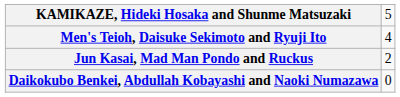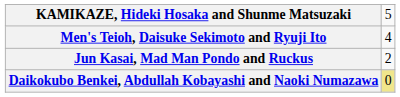 <table class="wikitable" style="margin: 1em auto 1em auto;text-align:center">
 <tr>
 <th>KAMIKAZE, <a href='#'>Hideki Hosaka</a> and Shunme Matsuzaki</th>
 <td>5</td>
 </tr>
 <tr>
 <th><a href='#'>Men's Teioh</a>, <a href='#'>Daisuke Sekimoto</a> and <a href='#'>Ryuji Ito</a><br></th>
 <td>4</td>
 </tr>
 <tr>
 <th><a href='#'>Jun Kasai</a>, <a href='#'>Mad Man Pondo</a> and <a href='#'>Ruckus</a></th>
 <td>2</td>
 </tr>
 <tr>
 <th><a href='#'>Daikokubo Benkei</a>, <a href='#'>Abdullah Kobayashi</a> and <a href='#'>Naoki Numazawa</a><br></th>
-<td>0</td>
+<td style="background: khaki;">0</td>
 </tr>
 </table>
